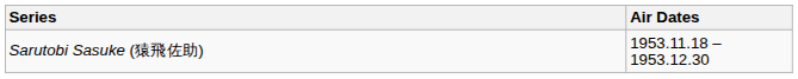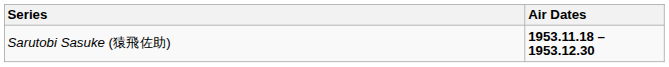 <table class="wikitable" border="1">
 <tr>
 <th width="620" style="text-align:left;">Series</th>
 <th width="160" style="text-align:left;">Air Dates</th>
 </tr>
 <tr>
 <td><em>Sarutobi Sasuke</em> (猿飛佐助)</td>
-<td>1953.11.18 – 1953.12.30</td>
+<td><strong>1953.11.18 – 1953.12.30</strong></td>
 </tr>
 </table>
